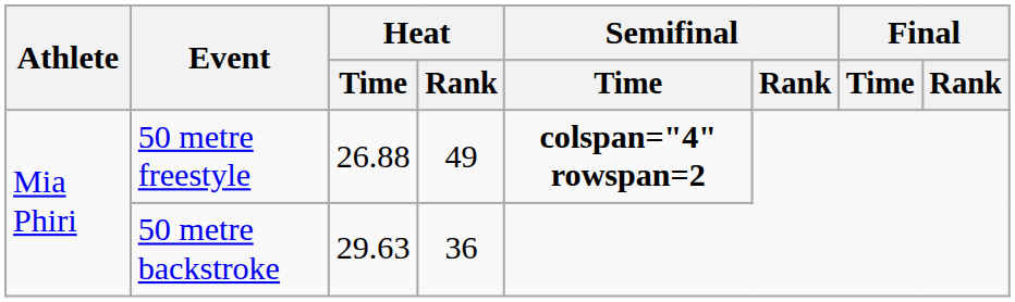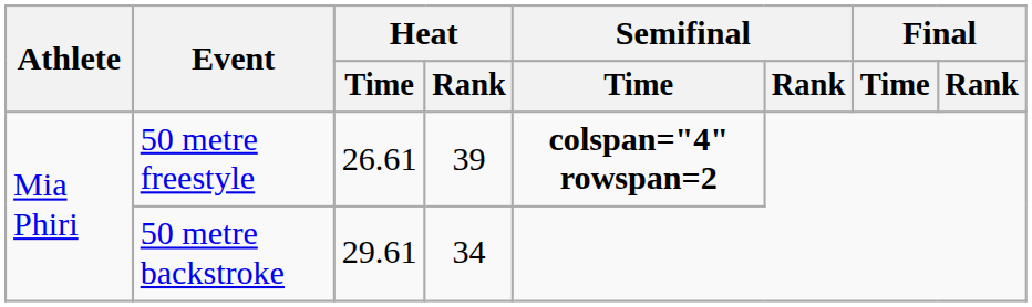 <table class="wikitable" style="text-align:center; font-size:90%; width:50%;">
 <tr>
 <th rowspan="2">Athlete</th>
 <th rowspan="2">Event</th>
 <th colspan="2">Heat</th>
 <th colspan="2">Semifinal</th>
 <th colspan="2">Final</th>
 </tr>
 <tr style="font-size:95%">
 <th>Time</th>
 <th>Rank</th>
 <th>Time</th>
 <th>Rank</th>
 <th>Time</th>
 <th>Rank</th>
 </tr>
 <tr>
 <td align=left rowspan=2><a href='#'>Mia Phiri</a></td>
 <td align=left><a href='#'>50 metre freestyle</a></td>
-<td>26.88</td>
-<td>49</td>
+<td>26.61</td>
+<td>39</td>
 <td><strong>colspan="4" rowspan=2 </strong></td>
 </tr>
 <tr>
 <td align=left><a href='#'>50 metre backstroke</a></td>
-<td>29.63</td>
-<td>36</td>
+<td>29.61</td>
+<td>34</td>
 </tr>
 </table>
